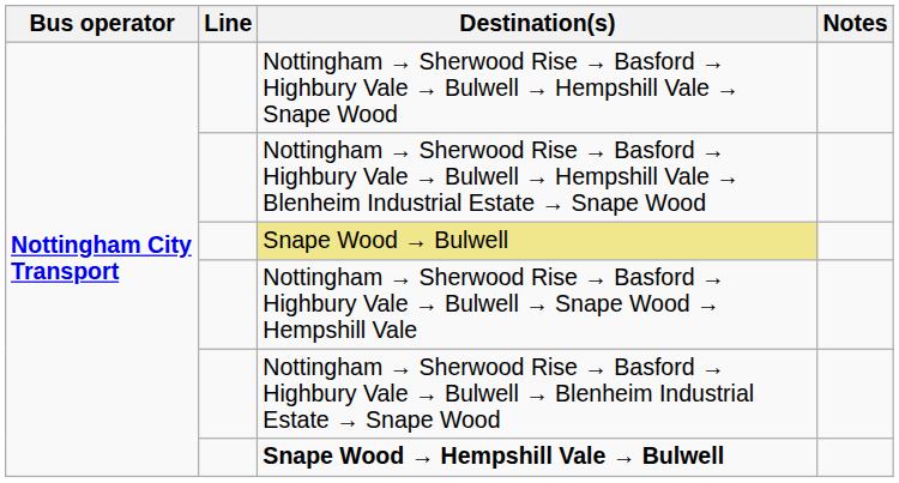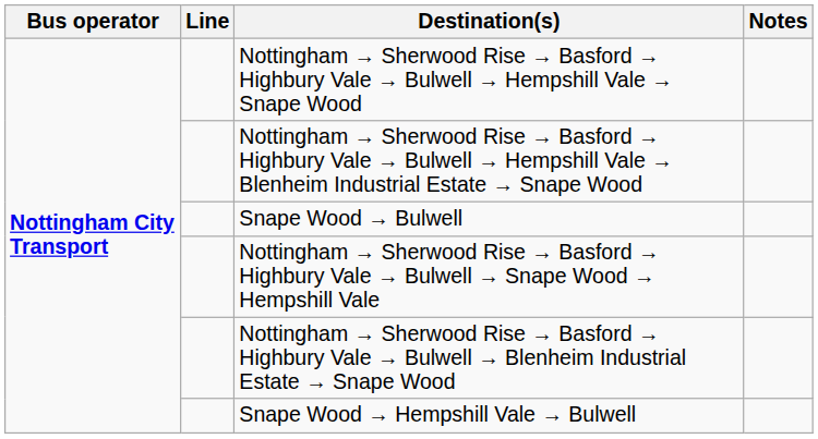 <table class="wikitable">
 <tr>
 <th>Bus operator</th>
 <th>Line</th>
 <th>Destination(s)</th>
 <th>Notes</th>
 </tr>
 <tr>
 <td rowspan="8"><strong><a href='#'>Nottingham City Transport</a></strong></td>
 <td><strong></strong></td>
 <td>Nottingham → Sherwood Rise → Basford → Highbury Vale → Bulwell → Hempshill Vale → Snape Wood</td>
 <td></td>
 </tr>
 <tr>
 <td><strong></strong></td>
 <td>Nottingham → Sherwood Rise → Basford → Highbury Vale → Bulwell → Hempshill Vale → Blenheim Industrial Estate → Snape Wood</td>
 <td></td>
 </tr>
 <tr>
 <td><strong></strong></td>
-<td style="background: khaki;">Snape Wood → Bulwell</td>
+<td>Snape Wood → Bulwell</td>
 <td></td>
 </tr>
 <tr>
 <td><strong></strong></td>
 <td>Nottingham → Sherwood Rise → Basford → Highbury Vale → Bulwell → Snape Wood → Hempshill Vale</td>
 <td></td>
 </tr>
 <tr>
 <td><strong></strong></td>
 <td>Nottingham → Sherwood Rise → Basford → Highbury Vale → Bulwell → Blenheim Industrial Estate → Snape Wood</td>
 <td></td>
 </tr>
 <tr>
 <td><strong></strong></td>
-<td><strong>Snape Wood → Hempshill Vale → Bulwell</strong></td>
+<td>Snape Wood → Hempshill Vale → Bulwell</td>
 <td></td>
 </tr>
 </table>
